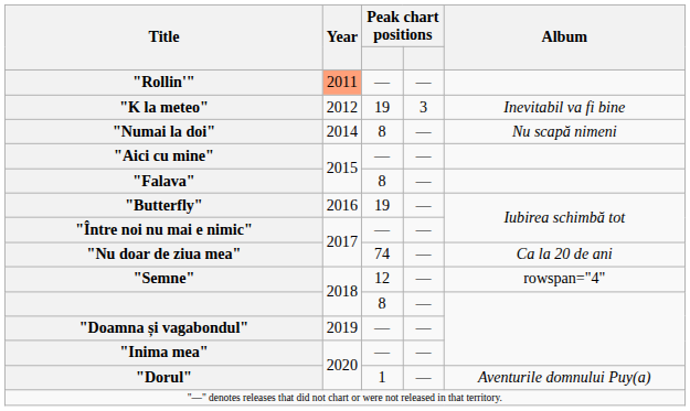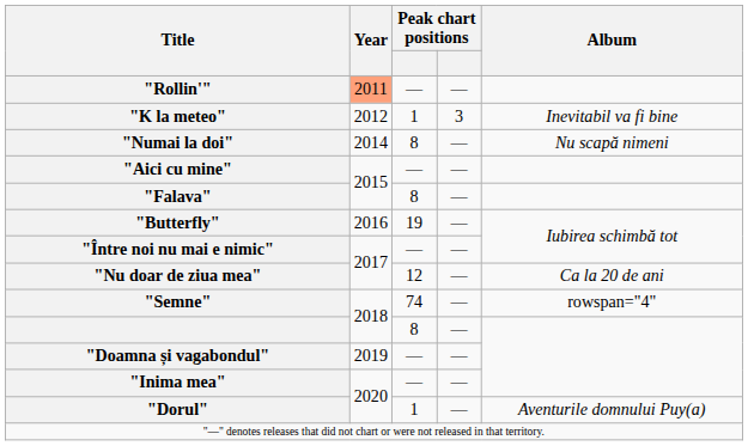 <table class="wikitable plainrowheaders" style="text-align:center;">
 <tr>
 <th scope="col" rowspan="2" style="width:20em;">Title</th>
 <th scope="col" rowspan="2" style="width:1em;">Year</th>
 <th colspan="2" scope="col">Peak chart positions</th>
 <th scope="col" rowspan="2" style="width:15em;">Album</th>
 </tr>
 <tr>
 <th scope="col" style="width:2.5em;font-size:90%;"><a href='#'></a><br></th>
 <th scope="col" style="width:2.5em;font-size:90%;"><a href='#'></a><br></th>
 </tr>
 <tr>
 <th scope="row">"Rollin'"<br></th>
 <td style="background: lightsalmon;">2011</td>
 <td>—</td>
 <td>—</td>
 <td></td>
 </tr>
 <tr>
 <th scope="row">"K la meteo"<br></th>
 <td>2012</td>
-<td>19</td>
+<td>1</td>
 <td>3</td>
 <td><em>Inevitabil va fi bine</em></td>
 </tr>
 <tr>
 <th scope="row">"Numai la doi"<br></th>
 <td>2014</td>
 <td>8</td>
 <td>—</td>
 <td><em>Nu scapă nimeni</em></td>
 </tr>
 <tr>
 <th scope="row">"Aici cu mine"<br></th>
 <td rowspan="2">2015</td>
 <td>—</td>
 <td>—</td>
 <td></td>
 </tr>
 <tr>
 <th scope="row">"Falava"<br></th>
 <td>8</td>
 <td>—</td>
 <td></td>
 </tr>
 <tr>
 <th scope="row">"Butterfly"<br></th>
 <td>2016</td>
 <td>19</td>
 <td>—</td>
 <td rowspan="2"><em>Iubirea schimbă tot</em></td>
 </tr>
 <tr>
 <th scope="row">"Între noi nu mai e nimic"<br></th>
 <td rowspan="2">2017</td>
 <td>—</td>
 <td>—</td>
 </tr>
 <tr>
 <th scope="row">"Nu doar de ziua mea"<br></th>
-<td>74</td>
+<td>12</td>
 <td>—</td>
 <td><em>Ca la 20 de ani</em></td>
 </tr>
 <tr>
 <th scope="row">"Semne"<br></th>
 <td rowspan="2">2018</td>
-<td>12</td>
+<td>74</td>
 <td>—</td>
 <td>rowspan="4" </td>
 </tr>
 <tr>
 <th scope="row"><br></th>
 <td>8</td>
 <td>—</td>
 </tr>
 <tr>
 <th scope="row">"Doamna și vagabondul"<br></th>
 <td>2019</td>
 <td>—</td>
 <td>—</td>
 </tr>
 <tr>
 <th scope="row">"Inima mea"<br></th>
 <td rowspan="2">2020</td>
 <td>—</td>
 <td>—</td>
 </tr>
 <tr>
 <th scope="row">"Dorul"<br></th>
 <td>1</td>
 <td>—</td>
 <td><em>Aventurile domnului Puy(a)</em></td>
 </tr>
 <tr>
 <td align="center" colspan="15" style="font-size:8pt">"—" denotes releases that did not chart or were not released in that territory.</td>
 </tr>
 </table>
